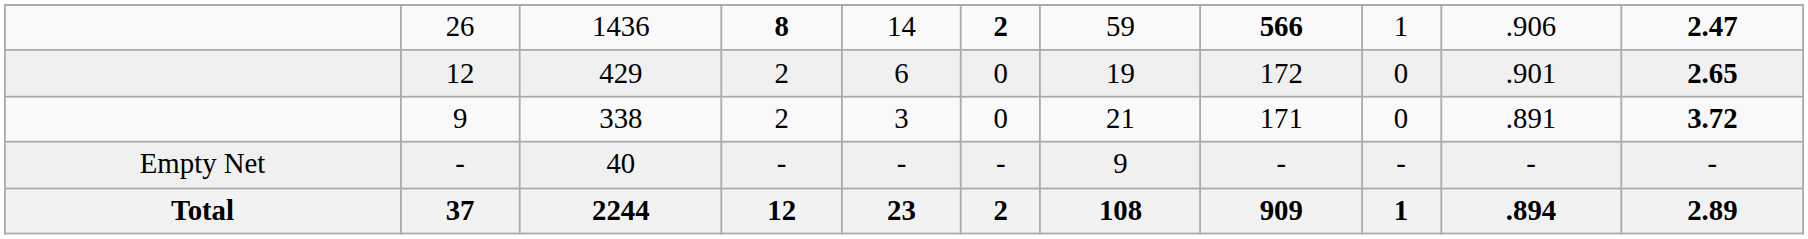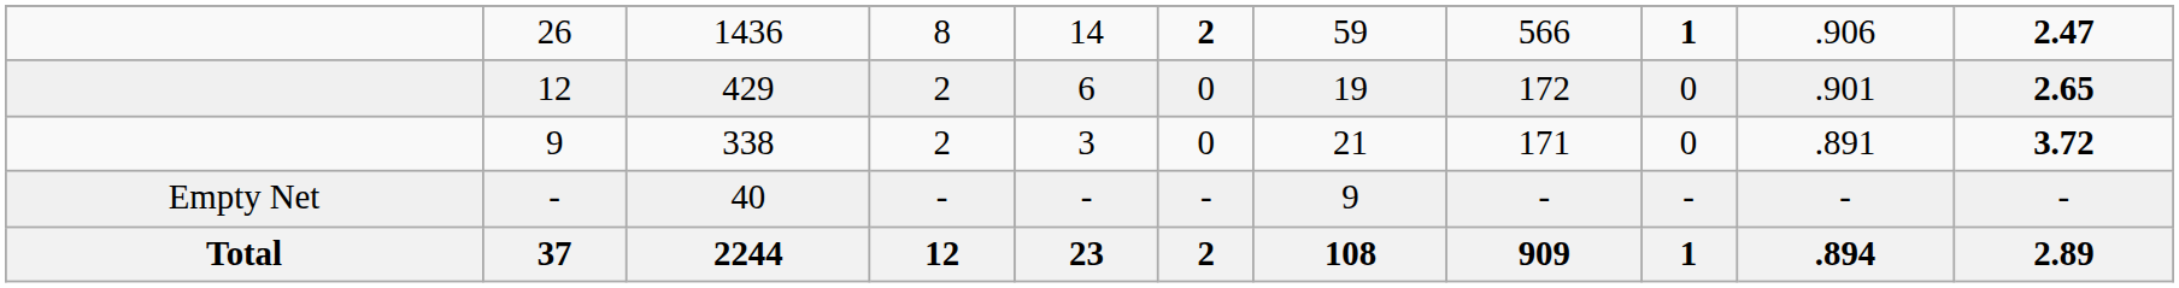 <table class="wikitable sortable" width ="1000">
 <tr align="center">
 </tr>
 <tr align="center" bgcolor="">
 <td></td>
 <td>26</td>
 <td>1436</td>
-<td><strong>8</strong></td>
+<td>8</td>
 <td>14</td>
 <td><strong>2</strong></td>
 <td>59</td>
-<td><strong>566</strong></td>
-<td>1</td>
+<td>566</td>
+<td><strong>1</strong></td>
 <td>.906</td>
 <td><strong>2.47</strong></td>
 </tr>
 <tr align="center" bgcolor="f0f0f0">
 <td></td>
 <td>12</td>
 <td>429</td>
 <td>2</td>
 <td>6</td>
 <td>0</td>
 <td>19</td>
 <td>172</td>
 <td>0</td>
 <td>.901</td>
 <td><strong>2.65</strong></td>
 </tr>
 <tr align="center" bgcolor="">
 <td></td>
 <td>9</td>
 <td>338</td>
 <td>2</td>
 <td>3</td>
 <td>0</td>
 <td>21</td>
 <td>171</td>
 <td>0</td>
 <td>.891</td>
 <td><strong>3.72</strong></td>
 </tr>
 <tr align="center" bgcolor="f0f0f0">
 <td>Empty Net</td>
 <td>-</td>
 <td>40</td>
 <td>-</td>
 <td>-</td>
 <td>-</td>
 <td>9</td>
 <td>-</td>
 <td>-</td>
 <td>-</td>
 <td>-</td>
 </tr>
 <tr>
 <th>Total</th>
 <th>37</th>
 <th>2244</th>
 <th>12</th>
 <th>23</th>
 <th>2</th>
 <th>108</th>
 <th>909</th>
 <th>1</th>
 <th>.894</th>
 <th>2.89</th>
 </tr>
 </table>
